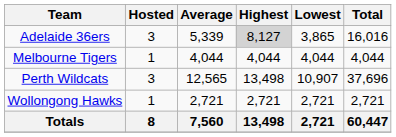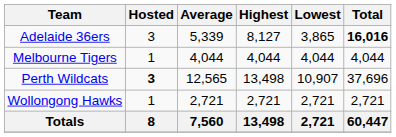 <table class="wikitable sortable" style="text-align:center;">
 <tr>
 <th>Team</th>
 <th>Hosted</th>
 <th>Average</th>
 <th>Highest</th>
 <th>Lowest</th>
 <th>Total</th>
 </tr>
 <tr>
 <td><a href='#'>Adelaide 36ers</a></td>
 <td>3</td>
 <td>5,339</td>
-<td style="background: lightgrey;">8,127</td>
+<td>8,127</td>
 <td>3,865</td>
-<td>16,016</td>
+<td><strong>16,016</strong></td>
 </tr>
 <tr>
 <td><a href='#'>Melbourne Tigers</a></td>
 <td>1</td>
 <td>4,044</td>
 <td>4,044</td>
 <td>4,044</td>
 <td>4,044</td>
 </tr>
 <tr>
 <td><a href='#'>Perth Wildcats</a></td>
-<td>3</td>
+<td><strong>3</strong></td>
 <td>12,565</td>
 <td>13,498</td>
 <td>10,907</td>
 <td>37,696</td>
 </tr>
 <tr>
 <td><a href='#'>Wollongong Hawks</a></td>
 <td>1</td>
 <td>2,721</td>
 <td>2,721</td>
 <td>2,721</td>
 <td>2,721</td>
 </tr>
 <tr class="sortbottom">
 <th>Totals</th>
 <th>8</th>
 <th>7,560</th>
 <th>13,498</th>
 <th>2,721</th>
 <th>60,447</th>
 </tr>
 <tr class="sortbottom">
 </tr>
 </table>
